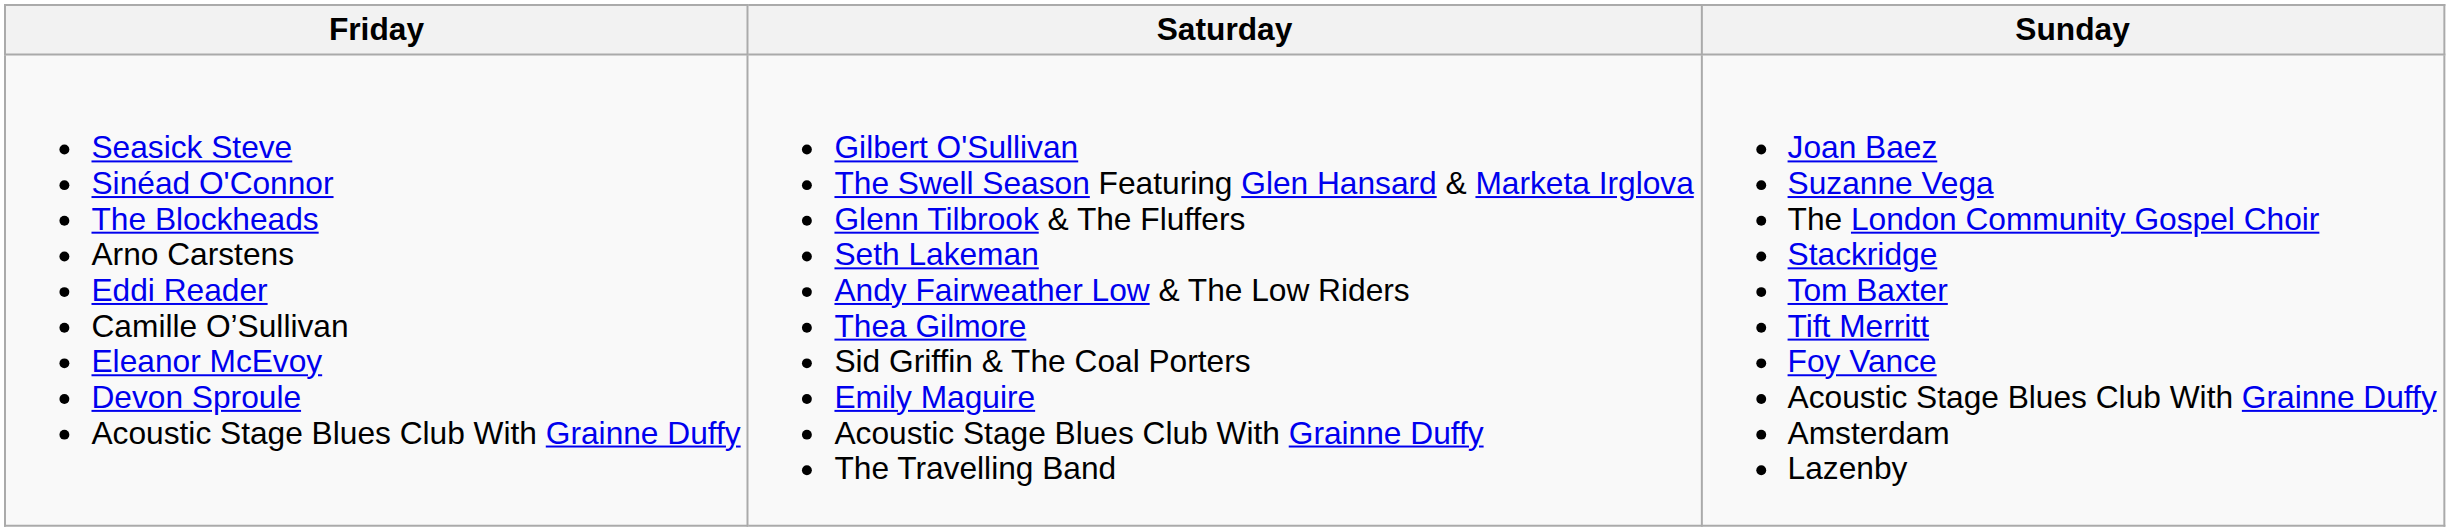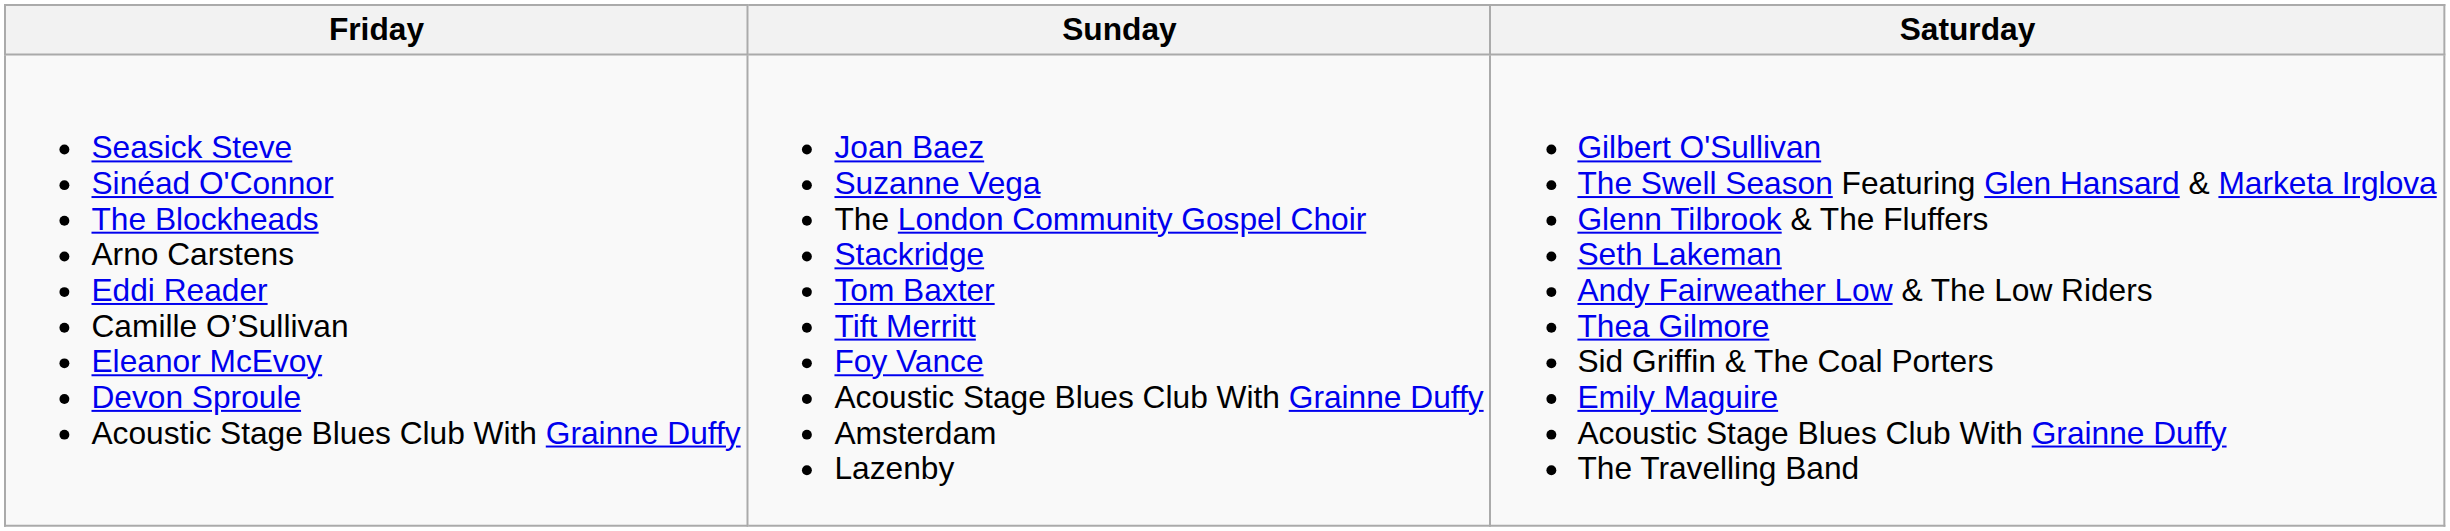 <table class="wikitable">
 <tr>
 <th>Friday</th>
+<th>Sunday</th>
 <th>Saturday</th>
-<th>Sunday</th>
 </tr>
 <tr valign="top">
 <td><br><ul><li><a href='#'>Seasick Steve</a></li><li><a href='#'>Sinéad O'Connor</a></li><li><a href='#'>The Blockheads</a></li><li>Arno Carstens</li><li><a href='#'>Eddi Reader</a></li><li>Camille O’Sullivan</li><li><a href='#'>Eleanor McEvoy</a></li><li><a href='#'>Devon Sproule</a></li><li>Acoustic Stage Blues Club With <a href='#'>Grainne Duffy</a></li></ul></td>
+<td><br><ul><li><a href='#'>Joan Baez</a></li><li><a href='#'>Suzanne Vega</a></li><li>The <a href='#'>London Community Gospel Choir</a></li><li><a href='#'>Stackridge</a></li><li><a href='#'>Tom Baxter</a></li><li><a href='#'>Tift Merritt</a></li><li><a href='#'>Foy Vance</a></li><li>Acoustic Stage Blues Club With <a href='#'>Grainne Duffy</a></li><li>Amsterdam</li><li>Lazenby</li></ul></td>
 <td><br><ul><li><a href='#'>Gilbert O'Sullivan</a></li><li><a href='#'>The Swell Season</a> Featuring <a href='#'>Glen Hansard</a> & <a href='#'>Marketa Irglova</a></li><li><a href='#'>Glenn Tilbrook</a> & The Fluffers</li><li><a href='#'>Seth Lakeman</a></li><li><a href='#'>Andy Fairweather Low</a> & The Low Riders</li><li><a href='#'>Thea Gilmore</a></li><li>Sid Griffin & The Coal Porters</li><li><a href='#'>Emily Maguire</a></li><li>Acoustic Stage Blues Club With <a href='#'>Grainne Duffy</a></li><li>The Travelling Band</li></ul></td>
-<td><br><ul><li><a href='#'>Joan Baez</a></li><li><a href='#'>Suzanne Vega</a></li><li>The <a href='#'>London Community Gospel Choir</a></li><li><a href='#'>Stackridge</a></li><li><a href='#'>Tom Baxter</a></li><li><a href='#'>Tift Merritt</a></li><li><a href='#'>Foy Vance</a></li><li>Acoustic Stage Blues Club With <a href='#'>Grainne Duffy</a></li><li>Amsterdam</li><li>Lazenby</li></ul></td>
 </tr>
 </table>
